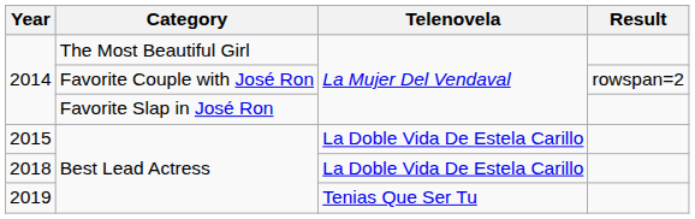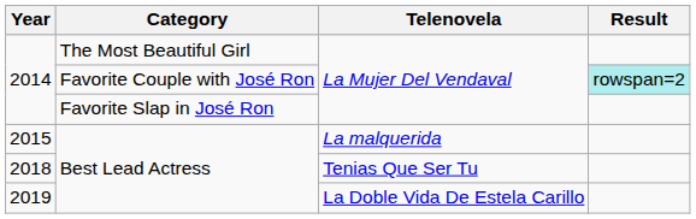 <table class="wikitable">
 <tr style="background:#b0c4de;">
 <th>Year</th>
 <th>Category</th>
 <th>Telenovela</th>
 <th>Result</th>
 </tr>
 <tr>
 <td rowspan=3>2014</td>
 <td>The Most Beautiful Girl</td>
 <td rowspan=3><em><a href='#'>La Mujer Del Vendaval</a></em></td>
 <td></td>
 </tr>
 <tr>
 <td>Favorite Couple with <a href='#'>José Ron</a></td>
-<td>rowspan=2 </td>
+<td style="background: paleturquoise;">rowspan=2 </td>
 </tr>
 <tr>
 <td>Favorite Slap in <a href='#'>José Ron</a></td>
 </tr>
 <tr>
 <td>2015</td>
 <td rowspan="3">Best Lead Actress</td>
-<td><a href='#'>La Doble Vida De Estela Carillo</a></td>
+<td><em><a href='#'>La malquerida</a></em></td>
 <td></td>
 </tr>
 <tr>
 <td>2018</td>
-<td><a href='#'>La Doble Vida De Estela Carillo</a></td>
+<td><a href='#'>Tenias Que Ser Tu</a></td>
 <td></td>
 </tr>
 <tr>
 <td>2019</td>
-<td><a href='#'>Tenias Que Ser Tu</a></td>
+<td><a href='#'>La Doble Vida De Estela Carillo</a></td>
 <td></td>
 </tr>
 </table>
